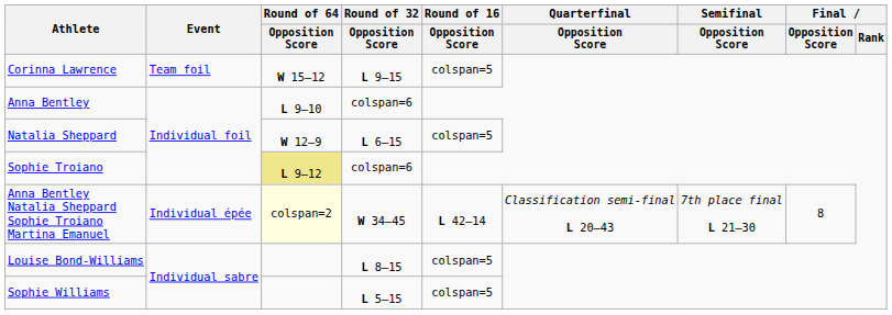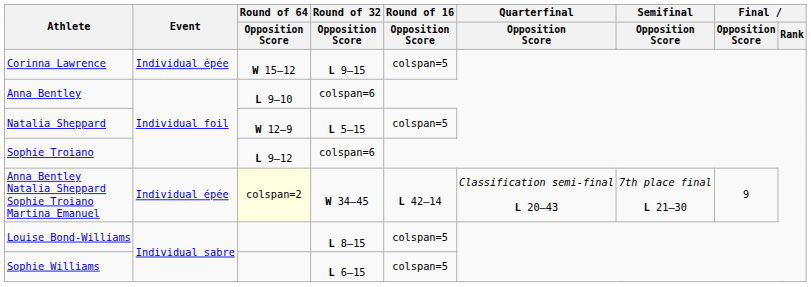 <table class="wikitable" style="text-align:center; font-size:90%">
 <tr>
 <th rowspan=2>Athlete</th>
 <th rowspan=2>Event</th>
 <th>Round of 64</th>
 <th>Round of 32</th>
 <th>Round of 16</th>
 <th>Quarterfinal</th>
 <th>Semifinal</th>
 <th colspan=2>Final / </th>
 </tr>
 <tr style="font-size:95%">
 <th>Opposition <br> Score</th>
 <th>Opposition <br> Score</th>
 <th>Opposition <br> Score</th>
 <th>Opposition <br> Score</th>
 <th>Opposition <br> Score</th>
 <th>Opposition <br> Score</th>
 <th>Rank</th>
 </tr>
 <tr>
 <td style="text-align:left;"><a href='#'>Corinna Lawrence</a></td>
-<td style="text-align:left;"><a href='#'>Team foil</a></td>
+<td style="text-align:left;"><a href='#'>Individual épée</a></td>
 <td><br><strong>W</strong> 15–12</td>
 <td><br><strong>L</strong> 9–15</td>
 <td>colspan=5 </td>
 </tr>
 <tr>
 <td style="text-align:left;"><a href='#'>Anna Bentley</a></td>
 <td style="text-align:left;" rowspan="3"><a href='#'>Individual foil</a></td>
 <td><br><strong>L</strong> 9–10</td>
 <td>colspan=6 </td>
 </tr>
 <tr>
 <td style="text-align:left;"><a href='#'>Natalia Sheppard</a></td>
 <td><br><strong>W</strong> 12–9</td>
-<td><br><strong>L</strong> 6–15</td>
+<td><br><strong>L</strong> 5–15</td>
 <td>colspan=5 </td>
 </tr>
 <tr>
 <td style="text-align:left;"><a href='#'>Sophie Troiano</a></td>
-<td style="background: khaki;"><br><strong>L</strong> 9–12</td>
+<td><br><strong>L</strong> 9–12</td>
 <td>colspan=6 </td>
 </tr>
 <tr>
 <td style="text-align:left;"><a href='#'>Anna Bentley</a><br> <a href='#'>Natalia Sheppard</a><br> <a href='#'>Sophie Troiano</a><br><a href='#'>Martina Emanuel</a></td>
 <td style="text-align:left;"><a href='#'>Individual épée</a></td>
 <td style="background: lightyellow;">colspan=2 </td>
 <td><br><strong>W</strong> 34–45</td>
 <td><br><strong>L</strong> 42–14</td>
 <td><em>Classification semi-final</em><br><br><strong>L</strong> 20–43</td>
 <td><em>7th place final</em><br><br><strong>L</strong> 21–30</td>
-<td>8</td>
+<td>9</td>
 </tr>
 <tr>
 <td style="text-align:left;"><a href='#'>Louise Bond-Williams</a></td>
 <td style="text-align:left;" rowspan="2"><a href='#'>Individual sabre</a></td>
 <td></td>
 <td><br><strong>L</strong> 8–15</td>
 <td>colspan=5 </td>
 </tr>
 <tr>
 <td style="text-align:left;"><a href='#'>Sophie Williams</a></td>
 <td></td>
-<td><br><strong>L</strong> 5–15</td>
+<td><br><strong>L</strong> 6–15</td>
 <td>colspan=5 </td>
 </tr>
 </table>
